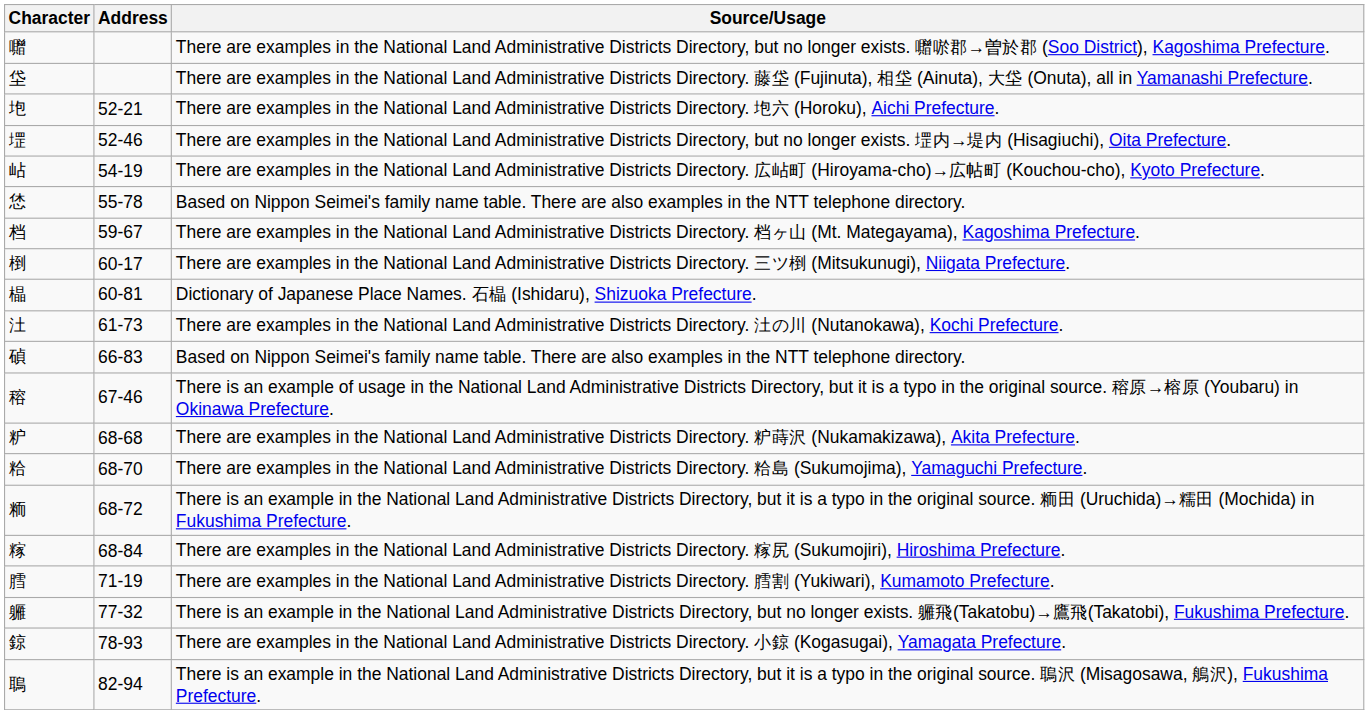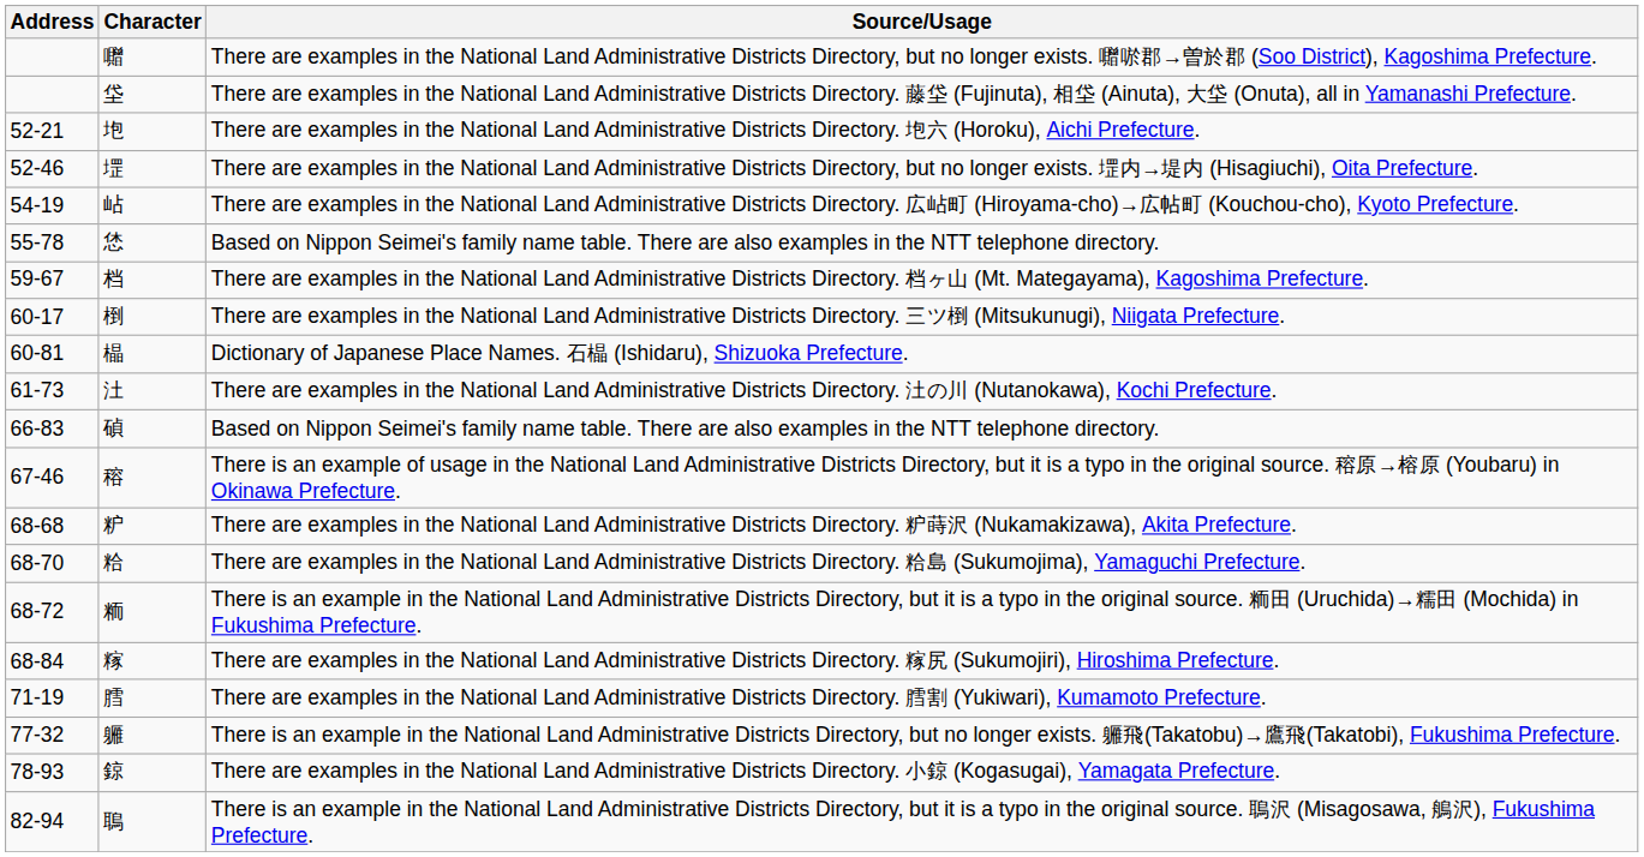 <table class="wikitable">
 <tr>
+<th style="white-space:nowrap">Address</th>
 <th style="white-space:nowrap">Character</th>
-<th style="white-space:nowrap">Address</th>
 <th>Source/Usage</th>
 </tr>
 <tr>
+<td></td>
 <td>囎</td>
-<td></td>
 <td>There are examples in the National Land Administrative Districts Directory, but no longer exists. 囎唹郡→曽於郡 (<a href='#'>Soo District</a>), <a href='#'>Kagoshima Prefecture</a>.</td>
 </tr>
 <tr>
+<td></td>
 <td>垈</td>
-<td></td>
 <td>There are examples in the National Land Administrative Districts Directory. 藤垈 (Fujinuta), 相垈 (Ainuta), 大垈 (Onuta), all in <a href='#'>Yamanashi Prefecture</a>.</td>
 </tr>
 <tr>
+<td>52-21</td>
 <td>垉</td>
-<td>52-21</td>
 <td>There are examples in the National Land Administrative Districts Directory. 垉六 (Horoku), <a href='#'>Aichi Prefecture</a>.</td>
 </tr>
 <tr>
+<td>52-46</td>
 <td>堽</td>
-<td>52-46</td>
 <td>There are examples in the National Land Administrative Districts Directory, but no longer exists. 堽内→堤内 (Hisagiuchi), <a href='#'>Oita Prefecture</a>.</td>
 </tr>
 <tr>
+<td>54-19</td>
 <td>岾</td>
-<td>54-19</td>
 <td>There are examples in the National Land Administrative Districts Directory. 広岾町 (Hiroyama-cho)→広帖町 (Kouchou-cho), <a href='#'>Kyoto Prefecture</a>.</td>
 </tr>
 <tr>
+<td>55-78</td>
 <td>恷</td>
-<td>55-78</td>
 <td>Based on Nippon Seimei's family name table. There are also examples in the NTT telephone directory.</td>
 </tr>
 <tr>
+<td>59-67</td>
 <td>档</td>
-<td>59-67</td>
 <td>There are examples in the National Land Administrative Districts Directory. 档ヶ山 (Mt. Mategayama), <a href='#'>Kagoshima Prefecture</a>.</td>
 </tr>
 <tr>
+<td>60-17</td>
 <td>椡</td>
-<td>60-17</td>
 <td>There are examples in the National Land Administrative Districts Directory. 三ツ椡 (Mitsukunugi), <a href='#'>Niigata Prefecture</a>.</td>
 </tr>
 <tr>
+<td>60-81</td>
 <td>橸</td>
-<td>60-81</td>
 <td>Dictionary of Japanese Place Names. 石橸 (Ishidaru), <a href='#'>Shizuoka Prefecture</a>.</td>
 </tr>
 <tr>
+<td>61-73</td>
 <td>汢</td>
-<td>61-73</td>
 <td>There are examples in the National Land Administrative Districts Directory. 汢の川 (Nutanokawa), <a href='#'>Kochi Prefecture</a>.</td>
 </tr>
 <tr>
+<td>66-83</td>
 <td>碵</td>
-<td>66-83</td>
 <td>Based on Nippon Seimei's family name table. There are also examples in the NTT telephone directory.</td>
 </tr>
 <tr>
+<td>67-46</td>
 <td>穃</td>
-<td>67-46</td>
 <td>There is an example of usage in the National Land Administrative Districts Directory, but it is a typo in the original source. 穃原→榕原 (Youbaru) in <a href='#'>Okinawa Prefecture</a>.</td>
 </tr>
 <tr>
+<td>68-68</td>
 <td>粐</td>
-<td>68-68</td>
 <td>There are examples in the National Land Administrative Districts Directory. 粐蒔沢 (Nukamakizawa), <a href='#'>Akita Prefecture</a>.</td>
 </tr>
 <tr>
+<td>68-70</td>
 <td>粭</td>
-<td>68-70</td>
 <td>There are examples in the National Land Administrative Districts Directory. 粭島 (Sukumojima), <a href='#'>Yamaguchi Prefecture</a>.</td>
 </tr>
 <tr>
+<td>68-72</td>
 <td>粫</td>
-<td>68-72</td>
 <td>There is an example in the National Land Administrative Districts Directory, but it is a typo in the original source. 粫田 (Uruchida)→糯田 (Mochida) in <a href='#'>Fukushima Prefecture</a>.</td>
 </tr>
 <tr>
+<td>68-84</td>
 <td>糘</td>
-<td>68-84</td>
 <td>There are examples in the National Land Administrative Districts Directory. 糘尻 (Sukumojiri), <a href='#'>Hiroshima Prefecture</a>.</td>
 </tr>
 <tr>
+<td>71-19</td>
 <td>膤</td>
-<td>71-19</td>
 <td>There are examples in the National Land Administrative Districts Directory. 膤割 (Yukiwari), <a href='#'>Kumamoto Prefecture</a>.</td>
 </tr>
 <tr>
+<td>77-32</td>
 <td>軅</td>
-<td>77-32</td>
 <td>There is an example in the National Land Administrative Districts Directory, but no longer exists. 軅飛(Takatobu)→鷹飛(Takatobi), <a href='#'>Fukushima Prefecture</a>.</td>
 </tr>
 <tr>
+<td>78-93</td>
 <td>鍄</td>
-<td>78-93</td>
 <td>There are examples in the National Land Administrative Districts Directory. 小鍄 (Kogasugai), <a href='#'>Yamagata Prefecture</a>.</td>
 </tr>
 <tr>
+<td>82-94</td>
 <td>鵈</td>
-<td>82-94</td>
 <td>There is an example in the National Land Administrative Districts Directory, but it is a typo in the original source. 鵈沢 (Misagosawa, 鵃沢), <a href='#'>Fukushima Prefecture</a>.</td>
 </tr>
 </table>
